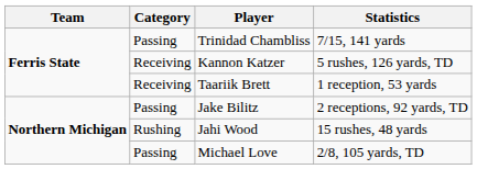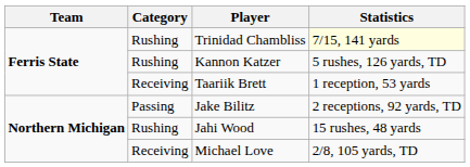 <table class="wikitable" style="float: left;">
 <tr>
 <th>Team</th>
 <th>Category</th>
 <th>Player</th>
 <th>Statistics</th>
 </tr>
 <tr>
 <td rowspan=3><strong>Ferris State</strong></td>
-<td>Passing</td>
+<td>Rushing</td>
 <td>Trinidad Chambliss</td>
-<td>7/15, 141 yards</td>
+<td style="background: lightyellow;">7/15, 141 yards</td>
 </tr>
 <tr>
-<td>Receiving</td>
+<td>Rushing</td>
 <td>Kannon Katzer</td>
 <td>5 rushes, 126 yards, TD</td>
 </tr>
 <tr>
 <td>Receiving</td>
 <td>Taariik Brett</td>
 <td>1 reception, 53 yards</td>
 </tr>
 <tr>
 <td rowspan=3><strong>Northern Michigan</strong></td>
 <td>Passing</td>
 <td>Jake Bilitz</td>
 <td>2 receptions, 92 yards, TD</td>
 </tr>
 <tr>
 <td>Rushing</td>
 <td>Jahi Wood</td>
 <td>15 rushes, 48 yards</td>
 </tr>
 <tr>
-<td>Passing</td>
+<td>Receiving</td>
 <td>Michael Love</td>
 <td>2/8, 105 yards, TD</td>
 </tr>
 </table>
